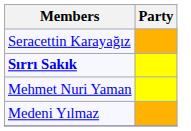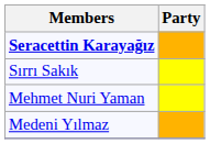 <table class=wikitable style="border:1px solid #8888aa; background-color:#f7f8ff; padding:0px; font-size:90%;">
 <tr>
 <th>Members</th>
 <th colspan="2">Party</th>
 </tr>
 <tr>
-<td><a href='#'>Seracettin Karayağız</a></td>
+<td><strong><a href='#'>Seracettin Karayağız</a></strong></td>
 <td style="background: #ffb300"></td>
 </tr>
 <tr>
-<td><strong><a href='#'>Sırrı Sakık</a></strong></td>
+<td><a href='#'>Sırrı Sakık</a></td>
 <td style="background: #ffff00"></td>
 </tr>
 <tr>
 <td><a href='#'>Mehmet Nuri Yaman</a></td>
 <td style="background: #ffff00"></td>
 </tr>
 <tr>
 <td><a href='#'>Medeni Yılmaz</a></td>
 <td style="background: #ffb300"></td>
 </tr>
 <tr>
 </tr>
 </table>
